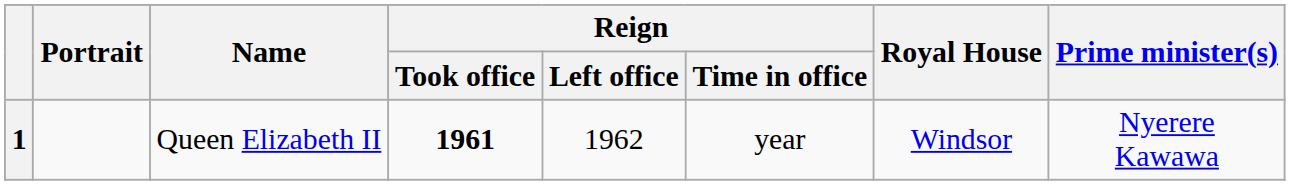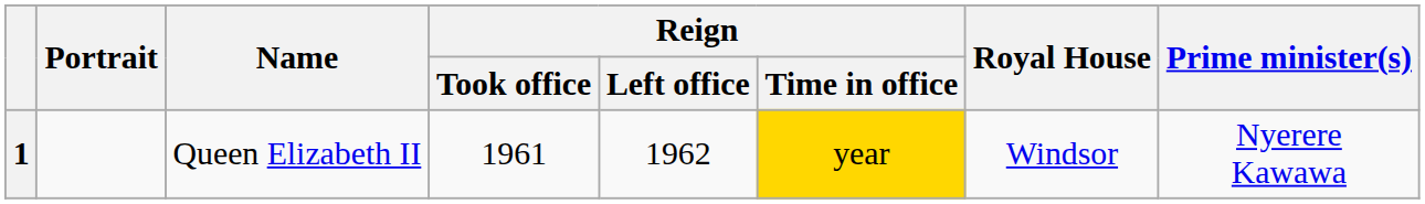 <table class="wikitable" style="text-align:center">
 <tr>
 <th rowspan="2"></th>
 <th rowspan="2">Portrait</th>
 <th rowspan="2">Name<br></th>
 <th colspan="3">Reign</th>
 <th rowspan="2">Royal House</th>
 <th rowspan="2"><a href='#'>Prime minister(s)</a></th>
 </tr>
 <tr>
 <th>Took office</th>
 <th>Left office</th>
 <th>Time in office</th>
 </tr>
 <tr>
 <th>1</th>
 <td></td>
 <td>Queen <a href='#'>Elizabeth II</a><br></td>
-<td><strong> 1961</strong></td>
+<td> 1961</td>
 <td> 1962</td>
-<td> year</td>
+<td style="background: gold;"> year</td>
 <td><a href='#'>Windsor</a></td>
 <td><a href='#'>Nyerere</a><br><a href='#'>Kawawa</a></td>
 </tr>
 </table>
